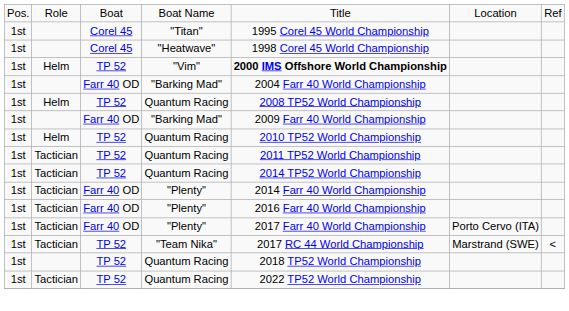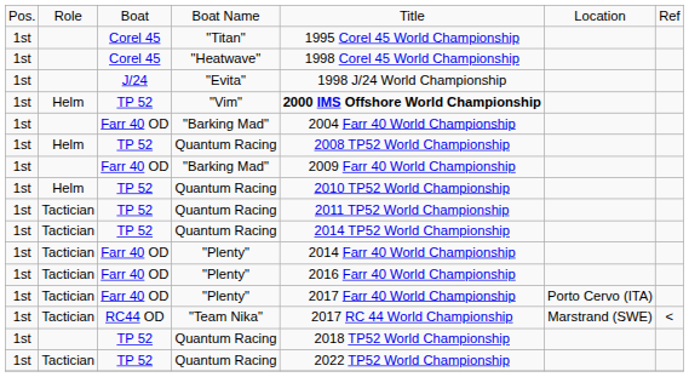 <table class="wikitable" style="text-align: center;">
 <tr>
 <td>Pos.</td>
 <td>Role</td>
 <td>Boat</td>
 <td>Boat Name</td>
 <td>Title</td>
 <td>Location</td>
 <td>Ref</td>
 </tr>
 <tr>
 <td>1st</td>
 <td></td>
 <td><a href='#'>Corel 45</a></td>
 <td>"Titan"</td>
 <td>1995 <a href='#'>Corel 45 World Championship</a></td>
 <td></td>
 <td></td>
 </tr>
 <tr>
 <td>1st</td>
 <td></td>
 <td><a href='#'>Corel 45</a></td>
 <td>"Heatwave"</td>
 <td>1998 <a href='#'>Corel 45 World Championship</a></td>
+<td></td>
+<td></td>
+</tr>
+<tr>
+<td>1st</td>
+<td></td>
+<td><a href='#'>J/24</a></td>
+<td>"Evita"</td>
+<td>1998 J/24 World Championship</td>
 <td></td>
 <td></td>
 </tr>
 <tr>
 <td>1st</td>
 <td>Helm</td>
 <td><a href='#'>TP 52</a></td>
 <td>"Vim"</td>
 <td><strong>2000 <a href='#'>IMS</a> Offshore World Championship</strong></td>
 <td></td>
 <td></td>
 </tr>
 <tr>
 <td>1st</td>
 <td></td>
 <td><a href='#'>Farr 40</a> OD</td>
 <td>"Barking Mad"</td>
 <td>2004 <a href='#'>Farr 40 World Championship</a></td>
 <td></td>
 <td></td>
 </tr>
 <tr>
 <td>1st</td>
 <td>Helm</td>
 <td><a href='#'>TP 52</a></td>
 <td>Quantum Racing</td>
 <td><a href='#'>2008 TP52 World Championship</a></td>
 <td></td>
 <td></td>
 </tr>
 <tr>
 <td>1st</td>
 <td></td>
 <td><a href='#'>Farr 40</a> OD</td>
 <td>"Barking Mad"</td>
 <td>2009 <a href='#'>Farr 40 World Championship</a></td>
 <td></td>
 <td></td>
 </tr>
 <tr>
 <td>1st</td>
 <td>Helm</td>
 <td><a href='#'>TP 52</a></td>
 <td>Quantum Racing</td>
 <td><a href='#'>2010 TP52 World Championship</a></td>
 <td></td>
 <td></td>
 </tr>
 <tr>
 <td>1st</td>
 <td>Tactician</td>
 <td><a href='#'>TP 52</a></td>
 <td>Quantum Racing</td>
 <td><a href='#'>2011 TP52 World Championship</a></td>
 <td></td>
 <td></td>
 </tr>
 <tr>
 <td>1st</td>
 <td>Tactician</td>
 <td><a href='#'>TP 52</a></td>
 <td>Quantum Racing</td>
 <td><a href='#'>2014 TP52 World Championship</a></td>
 <td></td>
 <td></td>
 </tr>
 <tr>
 <td>1st</td>
 <td>Tactician</td>
 <td><a href='#'>Farr 40</a> OD</td>
 <td>"Plenty"</td>
 <td>2014 <a href='#'>Farr 40 World Championship</a></td>
 <td></td>
 <td></td>
 </tr>
 <tr>
 <td>1st</td>
 <td>Tactician</td>
 <td><a href='#'>Farr 40</a> OD</td>
 <td>"Plenty"</td>
 <td>2016 <a href='#'>Farr 40 World Championship</a></td>
 <td></td>
 <td></td>
 </tr>
 <tr>
 <td>1st</td>
 <td>Tactician</td>
 <td><a href='#'>Farr 40</a> OD</td>
 <td>"Plenty"</td>
 <td>2017 <a href='#'>Farr 40 World Championship</a></td>
 <td>Porto Cervo (ITA)</td>
 <td></td>
 </tr>
 <tr>
 <td>1st</td>
 <td>Tactician</td>
-<td><a href='#'>TP 52</a></td>
+<td><a href='#'>RC44</a> OD</td>
 <td>"Team Nika"</td>
 <td>2017 <a href='#'>RC 44 World Championship</a></td>
 <td>Marstrand (SWE)</td>
 <td><</td>
 </tr>
 <tr>
 <td>1st</td>
 <td></td>
 <td><a href='#'>TP 52</a></td>
 <td>Quantum Racing</td>
 <td>2018 <a href='#'>TP52 World Championship</a></td>
 <td></td>
 <td></td>
 </tr>
 <tr>
 <td>1st</td>
 <td>Tactician</td>
 <td><a href='#'>TP 52</a></td>
 <td>Quantum Racing</td>
 <td>2022 <a href='#'>TP52 World Championship</a></td>
 <td></td>
 <td></td>
 </tr>
 <tr>
 </tr>
 </table>
